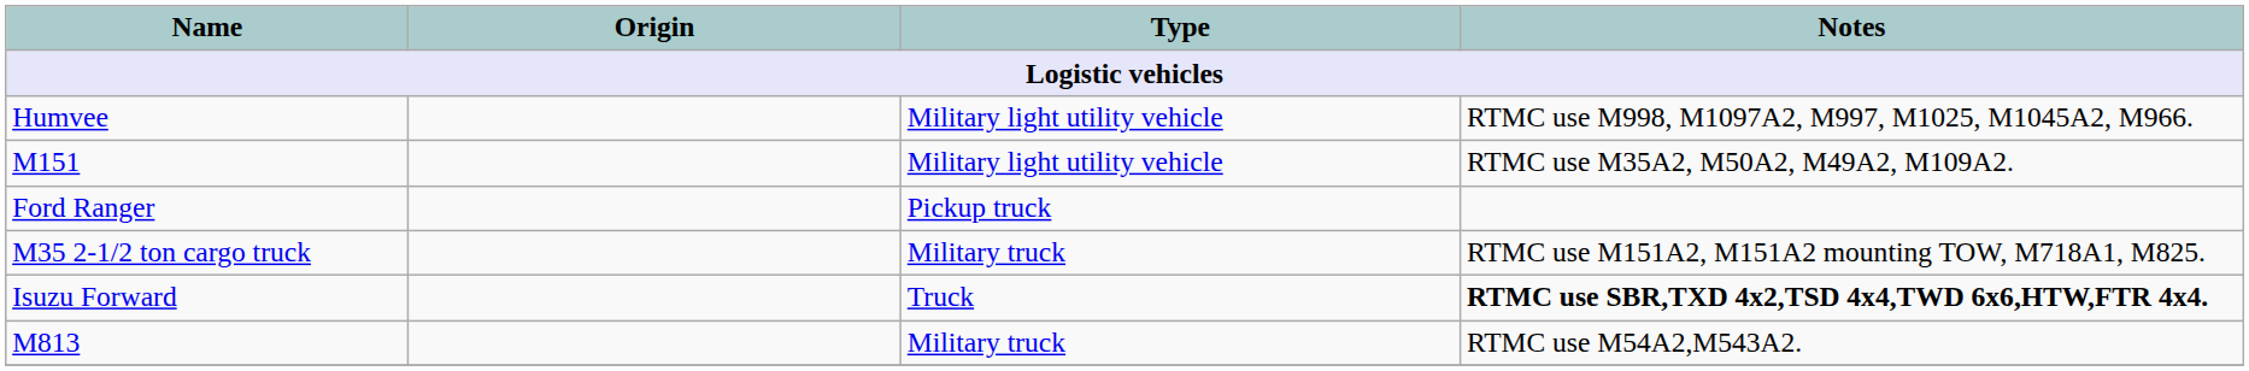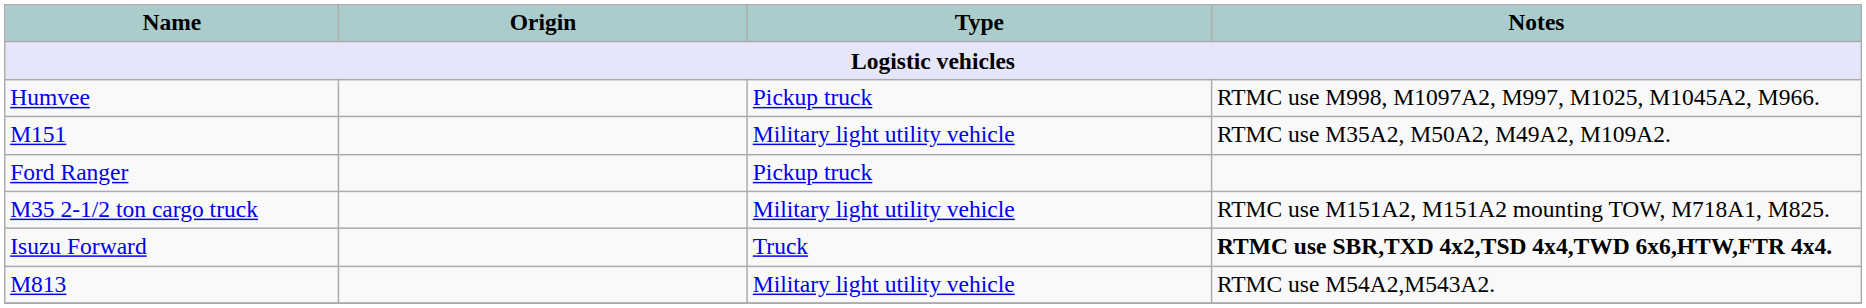 <table class="wikitable";" width="100%">
 <tr>
 <th style="text-align:center; background:#acc;"width="18%">Name</th>
 <th style="text-align: center; background:#acc;"width="22%">Origin</th>
 <th style="text-align:l center; background:#acc;"width="25%">Type</th>
 <th style="text-align: center; background:#acc;">Notes</th>
 </tr>
 <tr>
 <th style="align: center; background: lavender;" colspan="7">Logistic vehicles</th>
 </tr>
 <tr>
 <td><a href='#'>Humvee</a></td>
 <td></td>
-<td><a href='#'>Military light utility vehicle</a></td>
+<td><a href='#'>Pickup truck</a></td>
 <td>RTMC use M998, M1097A2, M997, M1025, M1045A2, M966.</td>
 </tr>
 <tr>
 <td><a href='#'>M151</a></td>
 <td></td>
 <td><a href='#'>Military light utility vehicle</a></td>
 <td>RTMC use M35A2, M50A2, M49A2, M109A2.</td>
 </tr>
 <tr>
 <td><a href='#'>Ford Ranger</a></td>
 <td><br></td>
 <td><a href='#'>Pickup truck</a></td>
 <td></td>
 </tr>
 <tr>
 <td><a href='#'>M35 2-1/2 ton cargo truck</a></td>
 <td></td>
-<td><a href='#'>Military truck</a></td>
+<td><a href='#'>Military light utility vehicle</a></td>
 <td>RTMC use M151A2, M151A2 mounting TOW, M718A1, M825.</td>
 </tr>
 <tr>
 <td><a href='#'>Isuzu Forward</a></td>
 <td><br></td>
 <td><a href='#'>Truck</a></td>
 <td><strong>RTMC use SBR,TXD 4x2,TSD 4x4,TWD 6x6,HTW,FTR 4x4.</strong></td>
 </tr>
 <tr>
 <td><a href='#'>M813</a></td>
 <td></td>
-<td><a href='#'>Military truck</a></td>
+<td><a href='#'>Military light utility vehicle</a></td>
 <td>RTMC use M54A2,M543A2.</td>
 </tr>
 <tr>
 </tr>
 </table>
